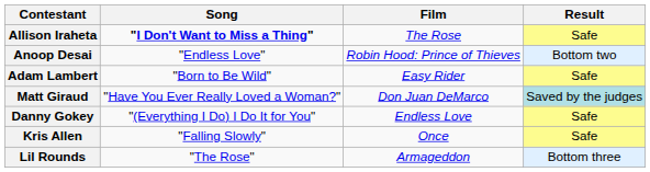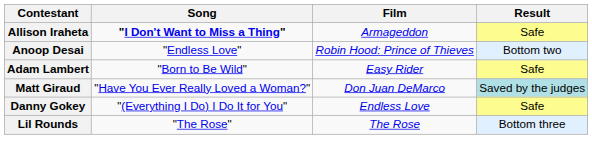 <table class="wikitable unsortable" style="text-align:center;">
 <tr>
 <th scope="col">Contestant</th>
 <th scope="col">Song</th>
 <th scope="col">Film</th>
 <th scope="col">Result</th>
 </tr>
 <tr>
 <th scope="row">Allison Iraheta</th>
 <td><strong>"<a href='#'>I Don't Want to Miss a Thing</a>"</strong></td>
-<td><em><a href='#'>The Rose</a></em></td>
+<td><em><a href='#'>Armageddon</a></em></td>
 <td style="background:#FDFC8F">Safe</td>
 </tr>
 <tr>
 <th scope="row">Anoop Desai</th>
 <td>"<a href='#'>Endless Love</a>"</td>
 <td><em><a href='#'>Robin Hood: Prince of Thieves</a></em></td>
 <td bgcolor="E0F0FF">Bottom two</td>
 </tr>
 <tr>
 <th scope="row">Adam Lambert</th>
 <td>"<a href='#'>Born to Be Wild</a>"</td>
 <td><em><a href='#'>Easy Rider</a></em></td>
 <td style="background:#FDFC8F">Safe</td>
 </tr>
 <tr>
 <th scope="row">Matt Giraud</th>
 <td>"<a href='#'>Have You Ever Really Loved a Woman?</a>"</td>
 <td><em><a href='#'>Don Juan DeMarco</a></em></td>
 <td style="background:#B0E0E6">Saved by the judges</td>
 </tr>
 <tr>
 <th scope="row">Danny Gokey</th>
 <td>"<a href='#'>(Everything I Do) I Do It for You</a>"</td>
 <td><em><a href='#'>Endless Love</a></em></td>
 <td style="background:#FDFC8F">Safe</td>
 </tr>
 <tr>
-<th scope="row">Kris Allen</th>
-<td>"<a href='#'>Falling Slowly</a>"</td>
-<td><em><a href='#'>Once</a></em></td>
-<td style="background:#FDFC8F">Safe</td>
-</tr>
-<tr>
 <th scope="row">Lil Rounds</th>
 <td>"<a href='#'>The Rose</a>"</td>
-<td><em><a href='#'>Armageddon</a></em></td>
+<td><em><a href='#'>The Rose</a></em></td>
 <td bgcolor="E0F0FF">Bottom three</td>
 </tr>
 </table>
